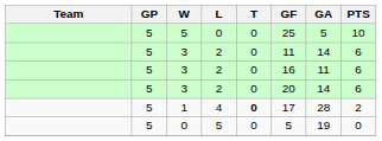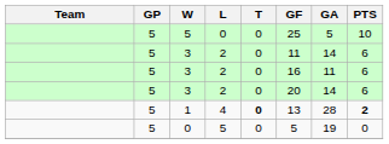 <table class="wikitable" style="text-align:center;">
 <tr>
 <th width=165>Team</th>
 <th width=40>GP</th>
 <th width=40>W</th>
 <th width=40>L</th>
 <th width=40>T</th>
 <th width=40>GF</th>
 <th width=40>GA</th>
 <th width=40>PTS</th>
 </tr>
 <tr style="background:#ccffcc">
 <td style="text-align:left;"></td>
 <td>5</td>
 <td>5</td>
 <td>0</td>
 <td>0</td>
 <td>25</td>
 <td>5</td>
 <td>10</td>
 </tr>
 <tr style="background:#ccffcc">
 <td style="text-align:left;"></td>
 <td>5</td>
 <td>3</td>
 <td>2</td>
 <td>0</td>
 <td>11</td>
 <td>14</td>
 <td>6</td>
 </tr>
 <tr style="background:#ccffcc">
 <td style="text-align:left;"></td>
 <td>5</td>
 <td>3</td>
 <td>2</td>
 <td>0</td>
 <td>16</td>
 <td>11</td>
 <td>6</td>
 </tr>
 <tr style="background:#ccffcc">
 <td style="text-align:left;"></td>
 <td>5</td>
 <td>3</td>
 <td>2</td>
 <td>0</td>
 <td>20</td>
 <td>14</td>
 <td>6</td>
 </tr>
 <tr>
 <td style="text-align:left;"></td>
 <td>5</td>
 <td>1</td>
 <td>4</td>
 <td><strong>0</strong></td>
-<td>17</td>
+<td>13</td>
 <td>28</td>
-<td>2</td>
+<td><strong>2</strong></td>
 </tr>
 <tr>
 <td style="text-align:left;"></td>
 <td>5</td>
 <td>0</td>
 <td>5</td>
 <td>0</td>
 <td>5</td>
 <td>19</td>
 <td>0</td>
 </tr>
 <tr>
 </tr>
 </table>
